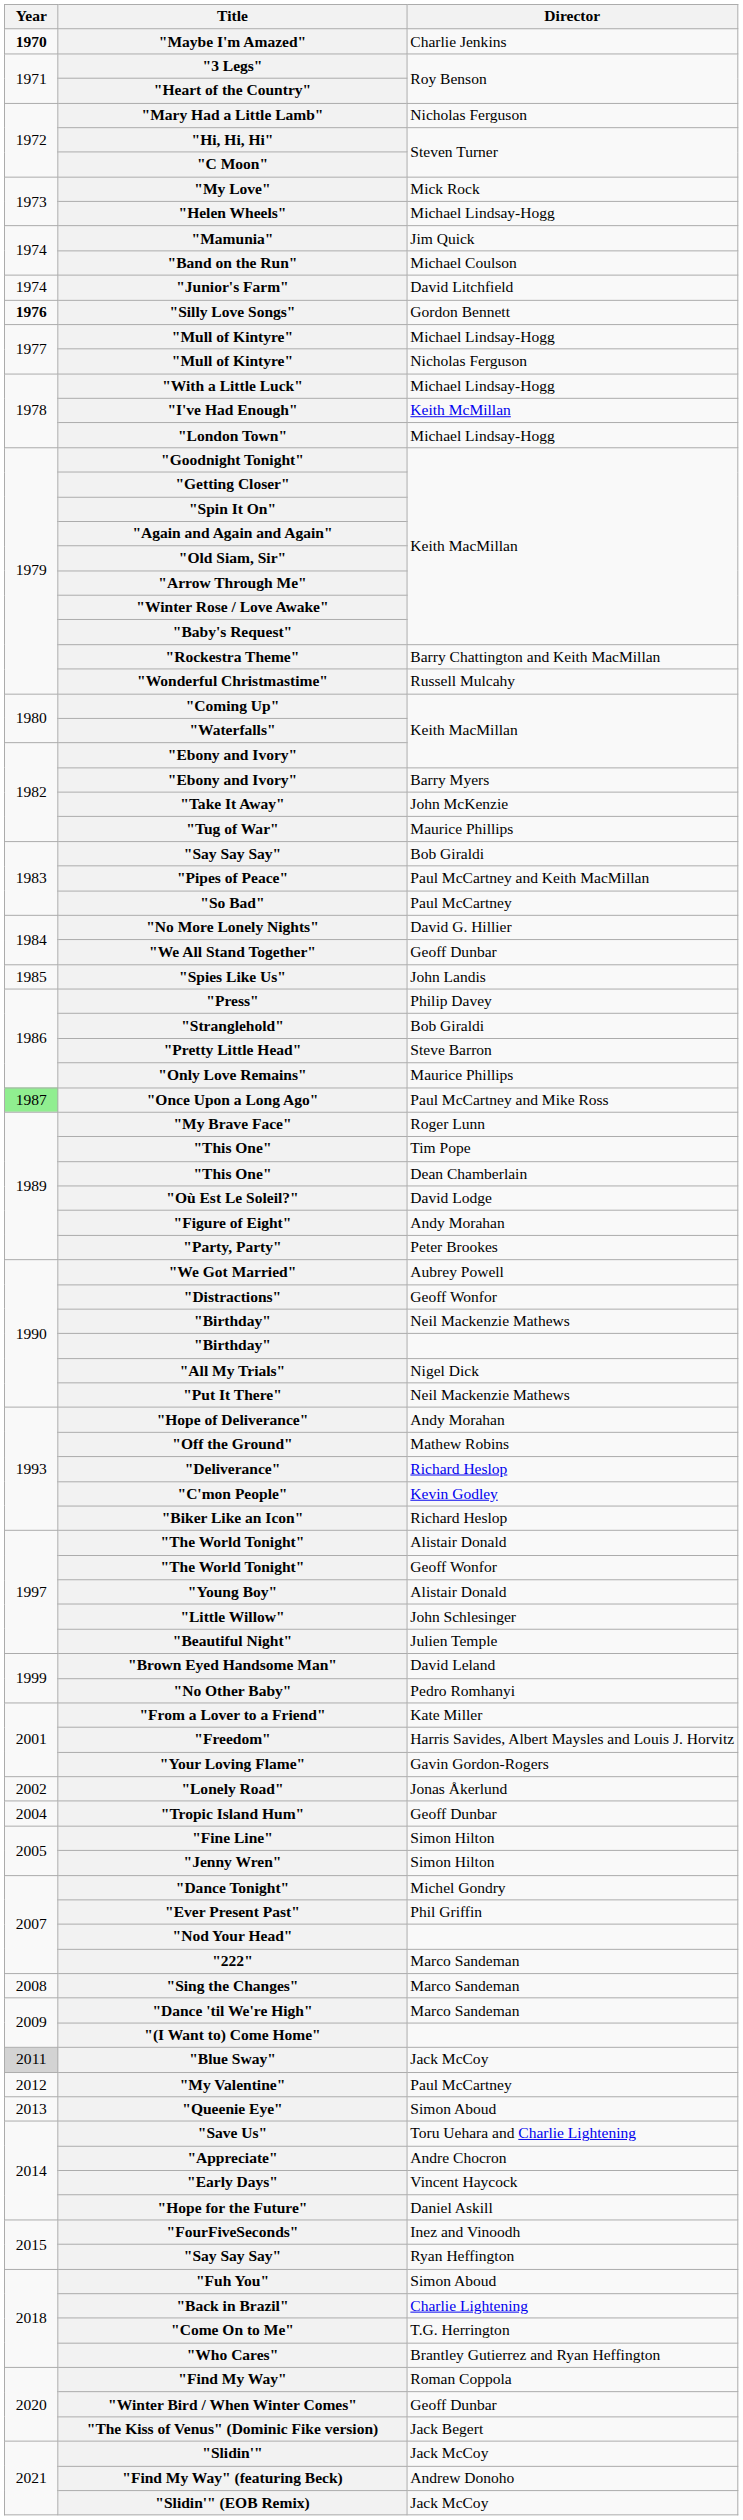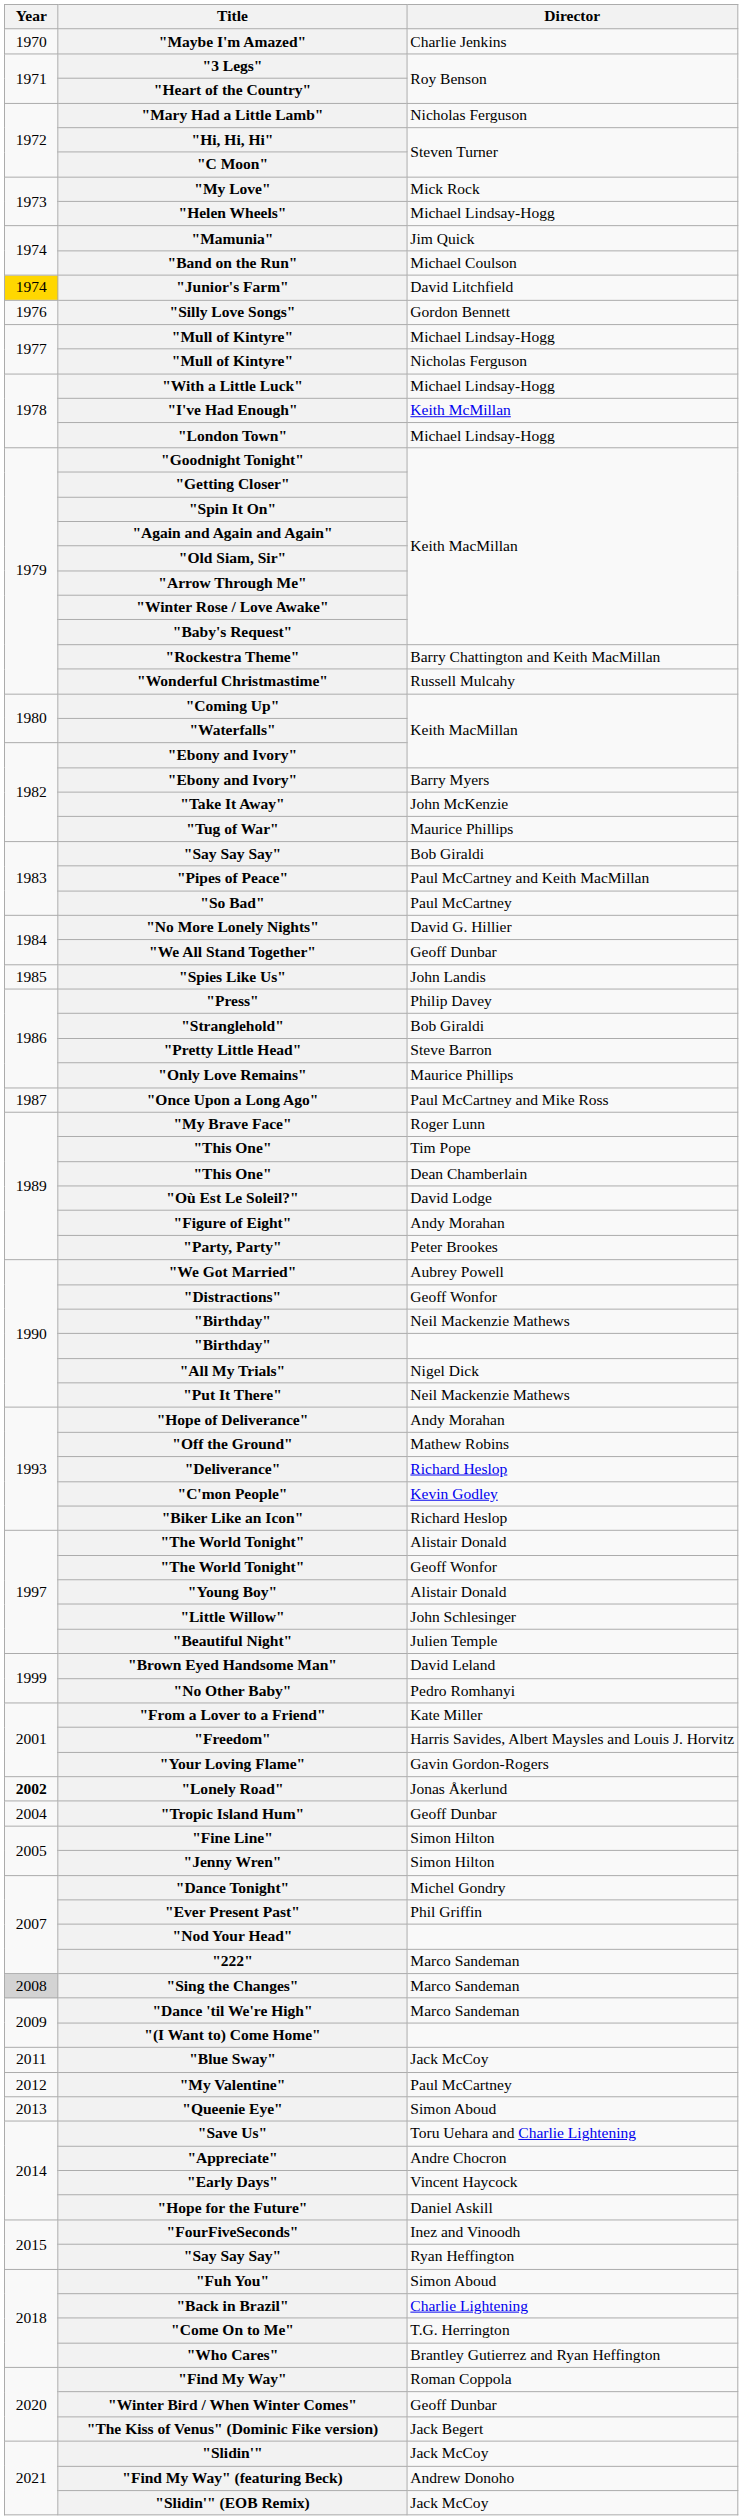 <table class="wikitable sortable plainrowheaders">
 <tr>
 <th scope="col" style="width:3em">Year</th>
 <th scope="col" style="width:22em">Title</th>
 <th scope="col">Director</th>
 </tr>
 <tr>
-<td style="text-align:center;"><strong>1970</strong></td>
+<td style="text-align:center;">1970</td>
 <th scope="row">"Maybe I'm Amazed"</th>
 <td>Charlie Jenkins</td>
 </tr>
 <tr>
 <td rowspan="2" style="text-align:center;">1971</td>
 <th scope="row">"3 Legs"</th>
 <td rowspan="2">Roy Benson</td>
 </tr>
 <tr>
 <th scope="row">"Heart of the Country"</th>
 </tr>
 <tr>
 <td rowspan="3" style="text-align:center;">1972</td>
 <th scope="row">"Mary Had a Little Lamb" </th>
 <td>Nicholas Ferguson</td>
 </tr>
 <tr>
 <th scope="row">"Hi, Hi, Hi"</th>
 <td rowspan="2">Steven Turner</td>
 </tr>
 <tr>
 <th scope="row">"C Moon"</th>
 </tr>
 <tr>
 <td rowspan="2" style="text-align:center;">1973</td>
 <th scope="row">"My Love"</th>
 <td>Mick Rock</td>
 </tr>
 <tr>
 <th scope="row">"Helen Wheels"</th>
 <td>Michael Lindsay-Hogg</td>
 </tr>
 <tr>
 <td rowspan="2" style="text-align:center;">1974</td>
 <th scope="row">"Mamunia"</th>
 <td>Jim Quick</td>
 </tr>
 <tr>
 <th scope="row">"Band on the Run"</th>
 <td>Michael Coulson</td>
 </tr>
 <tr>
-<td style="text-align:center;">1974</td>
+<td style="background: gold; text-align:center;">1974</td>
 <th scope="row">"Junior's Farm"</th>
 <td>David Litchfield</td>
 </tr>
 <tr>
-<td style="text-align:center;"><strong>1976</strong></td>
+<td style="text-align:center;">1976</td>
 <th scope="row">"Silly Love Songs"</th>
 <td>Gordon Bennett</td>
 </tr>
 <tr>
 <td rowspan="2" style="text-align:center;">1977</td>
 <th scope="row">"Mull of Kintyre" </th>
 <td>Michael Lindsay-Hogg</td>
 </tr>
 <tr>
 <th scope="row">"Mull of Kintyre" </th>
 <td>Nicholas Ferguson</td>
 </tr>
 <tr>
 <td rowspan="3" style="text-align:center;">1978</td>
 <th scope="row">"With a Little Luck"</th>
 <td>Michael Lindsay-Hogg</td>
 </tr>
 <tr>
 <th scope="row">"I've Had Enough"</th>
 <td><a href='#'>Keith McMillan</a></td>
 </tr>
 <tr>
 <th scope="row">"London Town"</th>
 <td>Michael Lindsay-Hogg</td>
 </tr>
 <tr>
 <td rowspan="10" style="text-align:center;">1979</td>
 <th scope="row">"Goodnight Tonight" </th>
 <td rowspan="8">Keith MacMillan</td>
 </tr>
 <tr>
 <th scope="row">"Getting Closer"</th>
 </tr>
 <tr>
 <th scope="row">"Spin It On"</th>
 </tr>
 <tr>
 <th scope="row">"Again and Again and Again"</th>
 </tr>
 <tr>
 <th scope="row">"Old Siam, Sir"</th>
 </tr>
 <tr>
 <th scope="row">"Arrow Through Me"</th>
 </tr>
 <tr>
 <th scope="row">"Winter Rose / Love Awake"</th>
 </tr>
 <tr>
 <th scope="row">"Baby's Request"</th>
 </tr>
 <tr>
 <th scope="row">"Rockestra Theme"</th>
 <td>Barry Chattington and Keith MacMillan</td>
 </tr>
 <tr>
 <th scope="row">"Wonderful Christmastime"</th>
 <td>Russell Mulcahy</td>
 </tr>
 <tr>
 <td rowspan="2" style="text-align:center;">1980</td>
 <th scope="row">"Coming Up"</th>
 <td rowspan="3">Keith MacMillan</td>
 </tr>
 <tr>
 <th scope="row">"Waterfalls"</th>
 </tr>
 <tr>
 <td rowspan="4" style="text-align:center;">1982</td>
 <th scope="row">"Ebony and Ivory"</th>
 </tr>
 <tr>
 <th scope="row">"Ebony and Ivory" </th>
 <td>Barry Myers</td>
 </tr>
 <tr>
 <th scope="row">"Take It Away"</th>
 <td>John McKenzie</td>
 </tr>
 <tr>
 <th scope="row">"Tug of War"</th>
 <td>Maurice Phillips</td>
 </tr>
 <tr>
 <td rowspan="3" style="text-align:center;">1983</td>
 <th scope="row">"Say Say Say"</th>
 <td>Bob Giraldi</td>
 </tr>
 <tr>
 <th scope="row">"Pipes of Peace"</th>
 <td>Paul McCartney and Keith MacMillan</td>
 </tr>
 <tr>
 <th scope="row">"So Bad"</th>
 <td>Paul McCartney</td>
 </tr>
 <tr>
 <td rowspan="2" style="text-align:center;">1984</td>
 <th scope="row">"No More Lonely Nights" </th>
 <td>David G. Hillier</td>
 </tr>
 <tr>
 <th scope="row">"We All Stand Together"</th>
 <td>Geoff Dunbar</td>
 </tr>
 <tr>
 <td style="text-align:center;">1985</td>
 <th scope="row">"Spies Like Us"</th>
 <td>John Landis</td>
 </tr>
 <tr>
 <td rowspan="4" style="text-align:center;">1986</td>
 <th scope="row">"Press"</th>
 <td>Philip Davey</td>
 </tr>
 <tr>
 <th scope="row">"Stranglehold"</th>
 <td>Bob Giraldi</td>
 </tr>
 <tr>
 <th scope="row">"Pretty Little Head"</th>
 <td>Steve Barron</td>
 </tr>
 <tr>
 <th scope="row">"Only Love Remains"</th>
 <td>Maurice Phillips</td>
 </tr>
 <tr>
-<td style="background: lightgreen; text-align:center;">1987</td>
+<td style="text-align:center;">1987</td>
 <th scope="row">"Once Upon a Long Ago"</th>
 <td>Paul McCartney and Mike Ross</td>
 </tr>
 <tr>
 <td rowspan="6" style="text-align:center;">1989</td>
 <th scope="row">"My Brave Face" </th>
 <td>Roger Lunn</td>
 </tr>
 <tr>
 <th scope="row">"This One" </th>
 <td>Tim Pope</td>
 </tr>
 <tr>
 <th scope="row">"This One" </th>
 <td>Dean Chamberlain</td>
 </tr>
 <tr>
 <th scope="row">"Où Est Le Soleil?"</th>
 <td>David Lodge</td>
 </tr>
 <tr>
 <th scope="row">"Figure of Eight" </th>
 <td>Andy Morahan</td>
 </tr>
 <tr>
 <th scope="row">"Party, Party"</th>
 <td>Peter Brookes</td>
 </tr>
 <tr>
 <td rowspan="6" style="text-align:center;">1990</td>
 <th scope="row">"We Got Married"</th>
 <td>Aubrey Powell</td>
 </tr>
 <tr>
 <th scope="row">"Distractions"</th>
 <td>Geoff Wonfor</td>
 </tr>
 <tr>
 <th scope="row">"Birthday" </th>
 <td>Neil Mackenzie Mathews</td>
 </tr>
 <tr>
 <th scope="row">"Birthday" </th>
 <td></td>
 </tr>
 <tr>
 <th scope="row">"All My Trials"</th>
 <td>Nigel Dick</td>
 </tr>
 <tr>
 <th scope="row">"Put It There"</th>
 <td>Neil Mackenzie Mathews</td>
 </tr>
 <tr>
 <td rowspan="5" style="text-align:center;">1993</td>
 <th scope="row">"Hope of Deliverance"</th>
 <td>Andy Morahan</td>
 </tr>
 <tr>
 <th scope="row">"Off the Ground"</th>
 <td>Mathew Robins</td>
 </tr>
 <tr>
 <th scope="row">"Deliverance" </th>
 <td><a href='#'>Richard Heslop</a></td>
 </tr>
 <tr>
 <th scope="row">"C'mon People"</th>
 <td><a href='#'>Kevin Godley</a></td>
 </tr>
 <tr>
 <th scope="row">"Biker Like an Icon"</th>
 <td>Richard Heslop</td>
 </tr>
 <tr>
 <td rowspan="5" style="text-align:center;">1997</td>
 <th scope="row">"The World Tonight" </th>
 <td>Alistair Donald</td>
 </tr>
 <tr>
 <th scope="row">"The World Tonight" </th>
 <td>Geoff Wonfor</td>
 </tr>
 <tr>
 <th scope="row">"Young Boy"</th>
 <td>Alistair Donald</td>
 </tr>
 <tr>
 <th scope="row">"Little Willow"</th>
 <td>John Schlesinger</td>
 </tr>
 <tr>
 <th scope="row">"Beautiful Night"</th>
 <td>Julien Temple</td>
 </tr>
 <tr>
 <td rowspan="2" style="text-align:center;">1999</td>
 <th scope="row">"Brown Eyed Handsome Man"</th>
 <td>David Leland</td>
 </tr>
 <tr>
 <th scope="row">"No Other Baby"</th>
 <td>Pedro Romhanyi</td>
 </tr>
 <tr>
 <td rowspan="3" style="text-align:center;">2001</td>
 <th scope="row">"From a Lover to a Friend"</th>
 <td>Kate Miller</td>
 </tr>
 <tr>
 <th scope="row">"Freedom"</th>
 <td>Harris Savides, Albert Maysles and Louis J. Horvitz</td>
 </tr>
 <tr>
 <th scope="row">"Your Loving Flame"</th>
 <td>Gavin Gordon-Rogers</td>
 </tr>
 <tr>
-<td style="text-align:center;">2002</td>
+<td style="text-align:center;"><strong>2002</strong></td>
 <th scope="row">"Lonely Road"</th>
 <td>Jonas Åkerlund</td>
 </tr>
 <tr>
 <td style="text-align:center;">2004</td>
 <th scope="row">"Tropic Island Hum"</th>
 <td>Geoff Dunbar</td>
 </tr>
 <tr>
 <td rowspan="2" style="text-align:center;">2005</td>
 <th scope="row">"Fine Line" </th>
 <td>Simon Hilton</td>
 </tr>
 <tr>
 <th scope="row">"Jenny Wren"</th>
 <td>Simon Hilton</td>
 </tr>
 <tr>
 <td rowspan="4" style="text-align:center;">2007</td>
 <th scope="row">"Dance Tonight"</th>
 <td>Michel Gondry</td>
 </tr>
 <tr>
 <th scope="row">"Ever Present Past"</th>
 <td>Phil Griffin</td>
 </tr>
 <tr>
 <th scope="row">"Nod Your Head"</th>
 <td></td>
 </tr>
 <tr>
 <th scope="row">"222"</th>
 <td>Marco Sandeman</td>
 </tr>
 <tr>
-<td style="text-align:center;">2008</td>
+<td style="background: lightgrey; text-align:center;">2008</td>
 <th scope="row">"Sing the Changes"</th>
 <td>Marco Sandeman</td>
 </tr>
 <tr>
 <td rowspan="2" style="text-align:center;">2009</td>
 <th scope="row">"Dance 'til We're High"</th>
 <td>Marco Sandeman</td>
 </tr>
 <tr>
 <th scope="row">"(I Want to) Come Home"</th>
 <td></td>
 </tr>
 <tr>
-<td style="background: lightgrey; text-align:center;">2011</td>
+<td style="text-align:center;">2011</td>
 <th scope="row">"Blue Sway"</th>
 <td>Jack McCoy</td>
 </tr>
 <tr>
 <td style="text-align:center;">2012</td>
 <th scope="row">"My Valentine"</th>
 <td>Paul McCartney</td>
 </tr>
 <tr>
 <td style="text-align:center;">2013</td>
 <th scope="row">"Queenie Eye"</th>
 <td>Simon Aboud</td>
 </tr>
 <tr>
 <td rowspan="4" style="text-align:center;">2014</td>
 <th scope="row">"Save Us"</th>
 <td>Toru Uehara and <a href='#'>Charlie Lightening</a></td>
 </tr>
 <tr>
 <th scope="row">"Appreciate"</th>
 <td>Andre Chocron</td>
 </tr>
 <tr>
 <th scope="row">"Early Days"</th>
 <td>Vincent Haycock</td>
 </tr>
 <tr>
 <th scope="row">"Hope for the Future"</th>
 <td>Daniel Askill</td>
 </tr>
 <tr>
 <td rowspan="2" style="text-align:center;">2015</td>
 <th scope="row">"FourFiveSeconds" </th>
 <td>Inez and Vinoodh</td>
 </tr>
 <tr>
 <th scope="row">"Say Say Say" </th>
 <td>Ryan Heffington</td>
 </tr>
 <tr>
 <td rowspan="4" style="text-align:center;">2018</td>
 <th scope="row">"Fuh You"</th>
 <td>Simon Aboud</td>
 </tr>
 <tr>
 <th scope="row">"Back in Brazil"</th>
 <td><a href='#'>Charlie Lightening</a></td>
 </tr>
 <tr>
 <th scope="row">"Come On to Me"</th>
 <td>T.G. Herrington</td>
 </tr>
 <tr>
 <th scope="row">"Who Cares"</th>
 <td>Brantley Gutierrez and Ryan Heffington</td>
 </tr>
 <tr>
 <td rowspan="3" style="text-align:center;">2020</td>
 <th scope="row">"Find My Way"</th>
 <td>Roman Coppola</td>
 </tr>
 <tr>
 <th scope="row">"Winter Bird / When Winter Comes"</th>
 <td>Geoff Dunbar</td>
 </tr>
 <tr>
 <th scope="row">"The Kiss of Venus" (Dominic Fike version)</th>
 <td>Jack Begert</td>
 </tr>
 <tr>
 <td rowspan="3" style="text-align:center;">2021</td>
 <th scope="row">"Slidin'"</th>
 <td>Jack McCoy</td>
 </tr>
 <tr>
 <th scope="row">"Find My Way" (featuring Beck)</th>
 <td>Andrew Donoho</td>
 </tr>
 <tr>
 <th scope="row">"Slidin'" (EOB Remix)</th>
 <td>Jack McCoy</td>
 </tr>
 </table>
